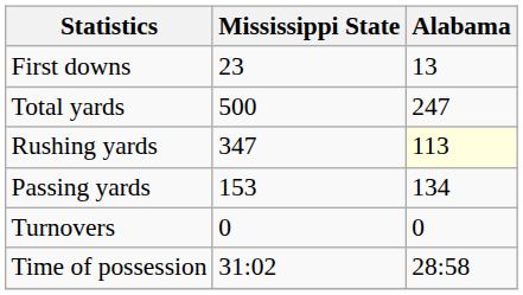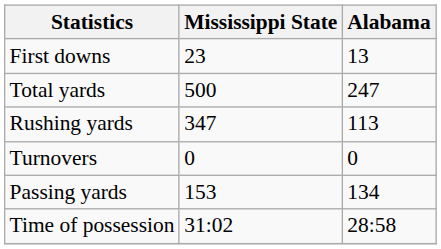 <table class="wikitable" style="float: left;">
 <tr>
 <th>Statistics</th>
 <th style=>Mississippi State</th>
 <th>Alabama</th>
 </tr>
 <tr>
 <td>First downs</td>
 <td>23</td>
 <td>13</td>
 </tr>
 <tr>
 <td>Total yards</td>
 <td>500</td>
 <td>247</td>
 </tr>
 <tr>
 <td>Rushing yards</td>
 <td>347</td>
-<td style="background: lightyellow;">113</td>
+<td>113</td>
+</tr>
+<tr>
+<td>Turnovers</td>
+<td>0</td>
+<td>0</td>
 </tr>
 <tr>
 <td>Passing yards</td>
 <td>153</td>
 <td>134</td>
-</tr>
-<tr>
-<td>Turnovers</td>
-<td>0</td>
-<td>0</td>
 </tr>
 <tr>
 <td>Time of possession</td>
 <td>31:02</td>
 <td>28:58</td>
 </tr>
 <tr>
 </tr>
 </table>
